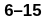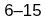 <table style="text-align:center">
 <tr>
 <th width=200></th>
 <th width=100></th>
 <th width=200></th>
 </tr>
 <tr>
 <td align=right></td>
-<td><strong>6–15</strong></td>
+<td>6–15</td>
 <td align=left><strong></strong></td>
 </tr>
 </table>
